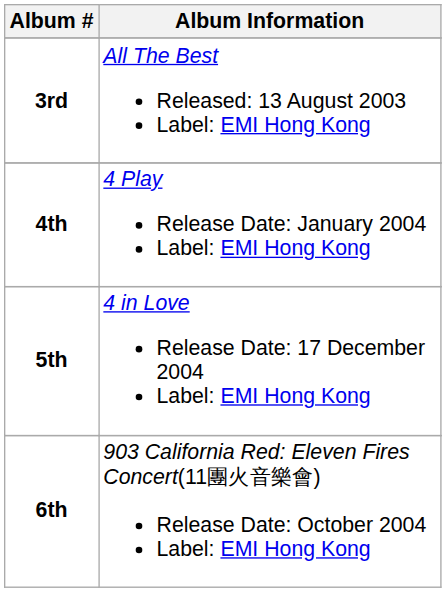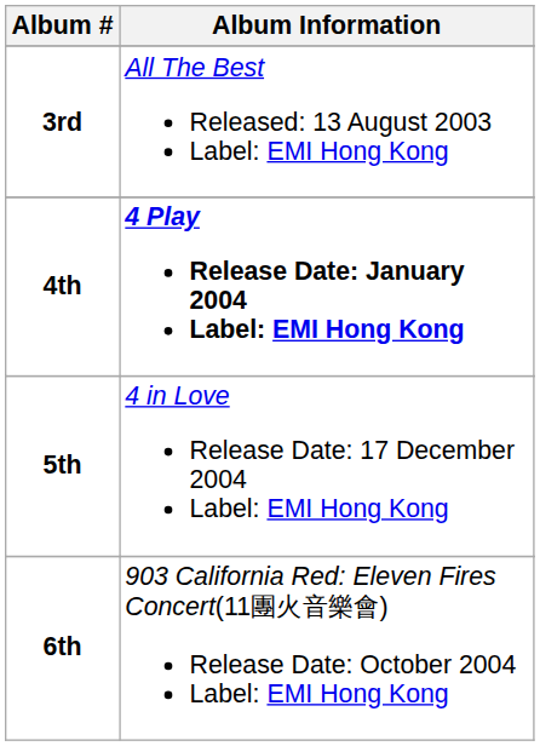 <table class="wikitable">
 <tr>
 <th align-"left">Album #</th>
 <th align="left" width="250px">Album Information</th>
 </tr>
 <tr>
 </tr>
 <tr bgcolor="#FFFFFF">
 <td align="center"><strong>3rd</strong></td>
 <td align="left"><em><a href='#'>All The Best</a></em><br><ul><li>Released: 13 August 2003</li><li>Label: <a href='#'>EMI Hong Kong</a></li></ul></td>
 </tr>
 <tr>
 </tr>
 <tr bgcolor="#FFFFFF">
 <td align="center"><strong>4th</strong></td>
-<td align="left"><em><a href='#'>4 Play</a></em><br><ul><li>Release Date: January 2004</li><li>Label: <a href='#'>EMI Hong Kong</a></li></ul></td>
+<td align="left"><strong><em><a href='#'>4 Play</a></em><br><ul><li>Release Date: January 2004</li><li>Label: <a href='#'>EMI Hong Kong</a></li></ul></strong></td>
 </tr>
 <tr>
 </tr>
 <tr bgcolor="#FFFFFF">
 <td align="center"><strong>5th</strong></td>
 <td align="left"><em><a href='#'>4 in Love</a></em><br><ul><li>Release Date: 17 December 2004</li><li>Label: <a href='#'>EMI Hong Kong</a></li></ul></td>
 </tr>
 <tr>
 </tr>
 <tr bgcolor="#FFFFFF">
 <td align="center"><strong>6th</strong></td>
 <td align="left"><em>903 California Red: Eleven Fires Concert</em>(11團火音樂會)<br><ul><li>Release Date: October 2004</li><li>Label: <a href='#'>EMI Hong Kong</a></li></ul></td>
 </tr>
 </table>
